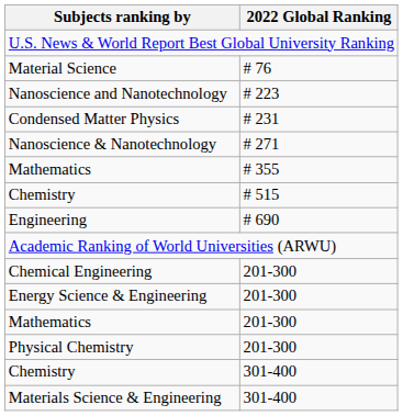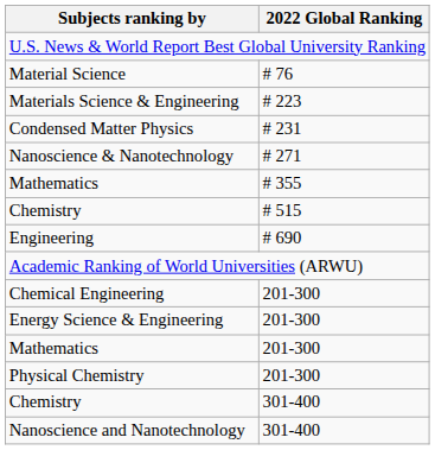 <table class="wikitable">
 <tr>
 <th>Subjects ranking by</th>
 <th>2022 Global Ranking</th>
 </tr>
 <tr>
 <td colspan="2"><a href='#'>U.S. News & World Report Best Global University Ranking</a></td>
 </tr>
 <tr>
 <td>Material Science</td>
 <td># 76</td>
 </tr>
 <tr>
-<td>Nanoscience and Nanotechnology</td>
+<td>Materials Science & Engineering</td>
 <td># 223</td>
 </tr>
 <tr>
 <td>Condensed Matter Physics</td>
 <td># 231</td>
 </tr>
 <tr>
 <td>Nanoscience & Nanotechnology</td>
 <td># 271</td>
 </tr>
 <tr>
 <td>Mathematics</td>
 <td># 355</td>
 </tr>
 <tr>
 <td>Chemistry</td>
 <td># 515</td>
 </tr>
 <tr>
 <td>Engineering</td>
 <td># 690</td>
 </tr>
 <tr>
 <td colspan="2"><a href='#'>Academic Ranking of World Universities</a> (ARWU)</td>
 </tr>
 <tr>
 <td>Chemical Engineering</td>
 <td>201-300</td>
 </tr>
 <tr>
 <td>Energy Science & Engineering</td>
 <td>201-300</td>
 </tr>
 <tr>
 <td>Mathematics</td>
 <td>201-300</td>
 </tr>
 <tr>
 <td>Physical Chemistry</td>
 <td>201-300</td>
 </tr>
 <tr>
 <td>Chemistry</td>
 <td>301-400</td>
 </tr>
 <tr>
-<td>Materials Science & Engineering</td>
+<td>Nanoscience and Nanotechnology</td>
 <td>301-400</td>
 </tr>
 </table>
